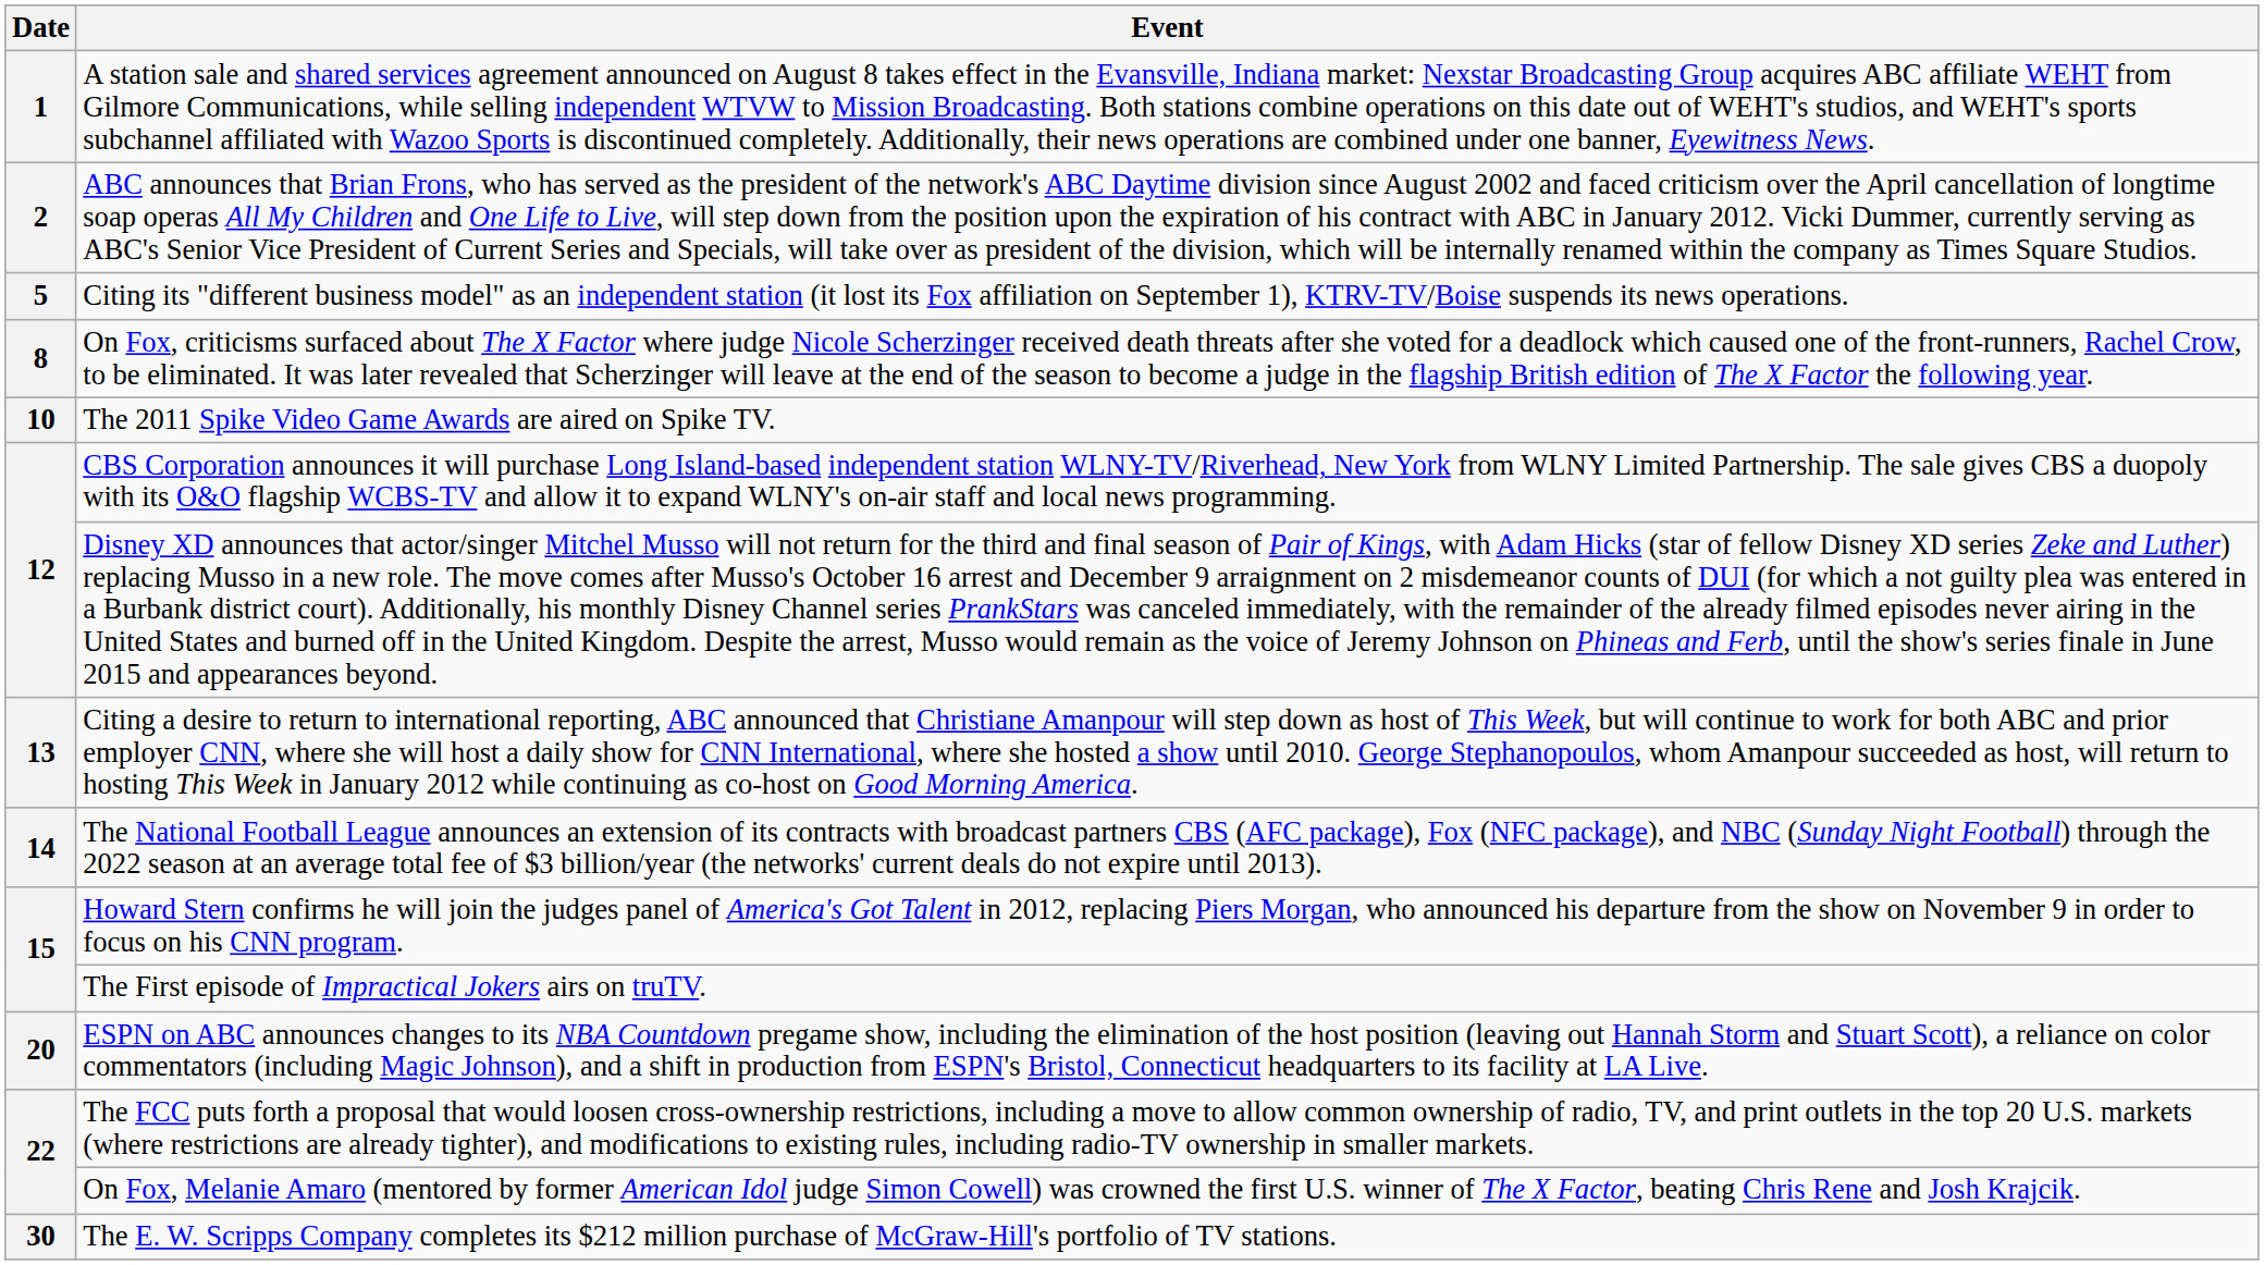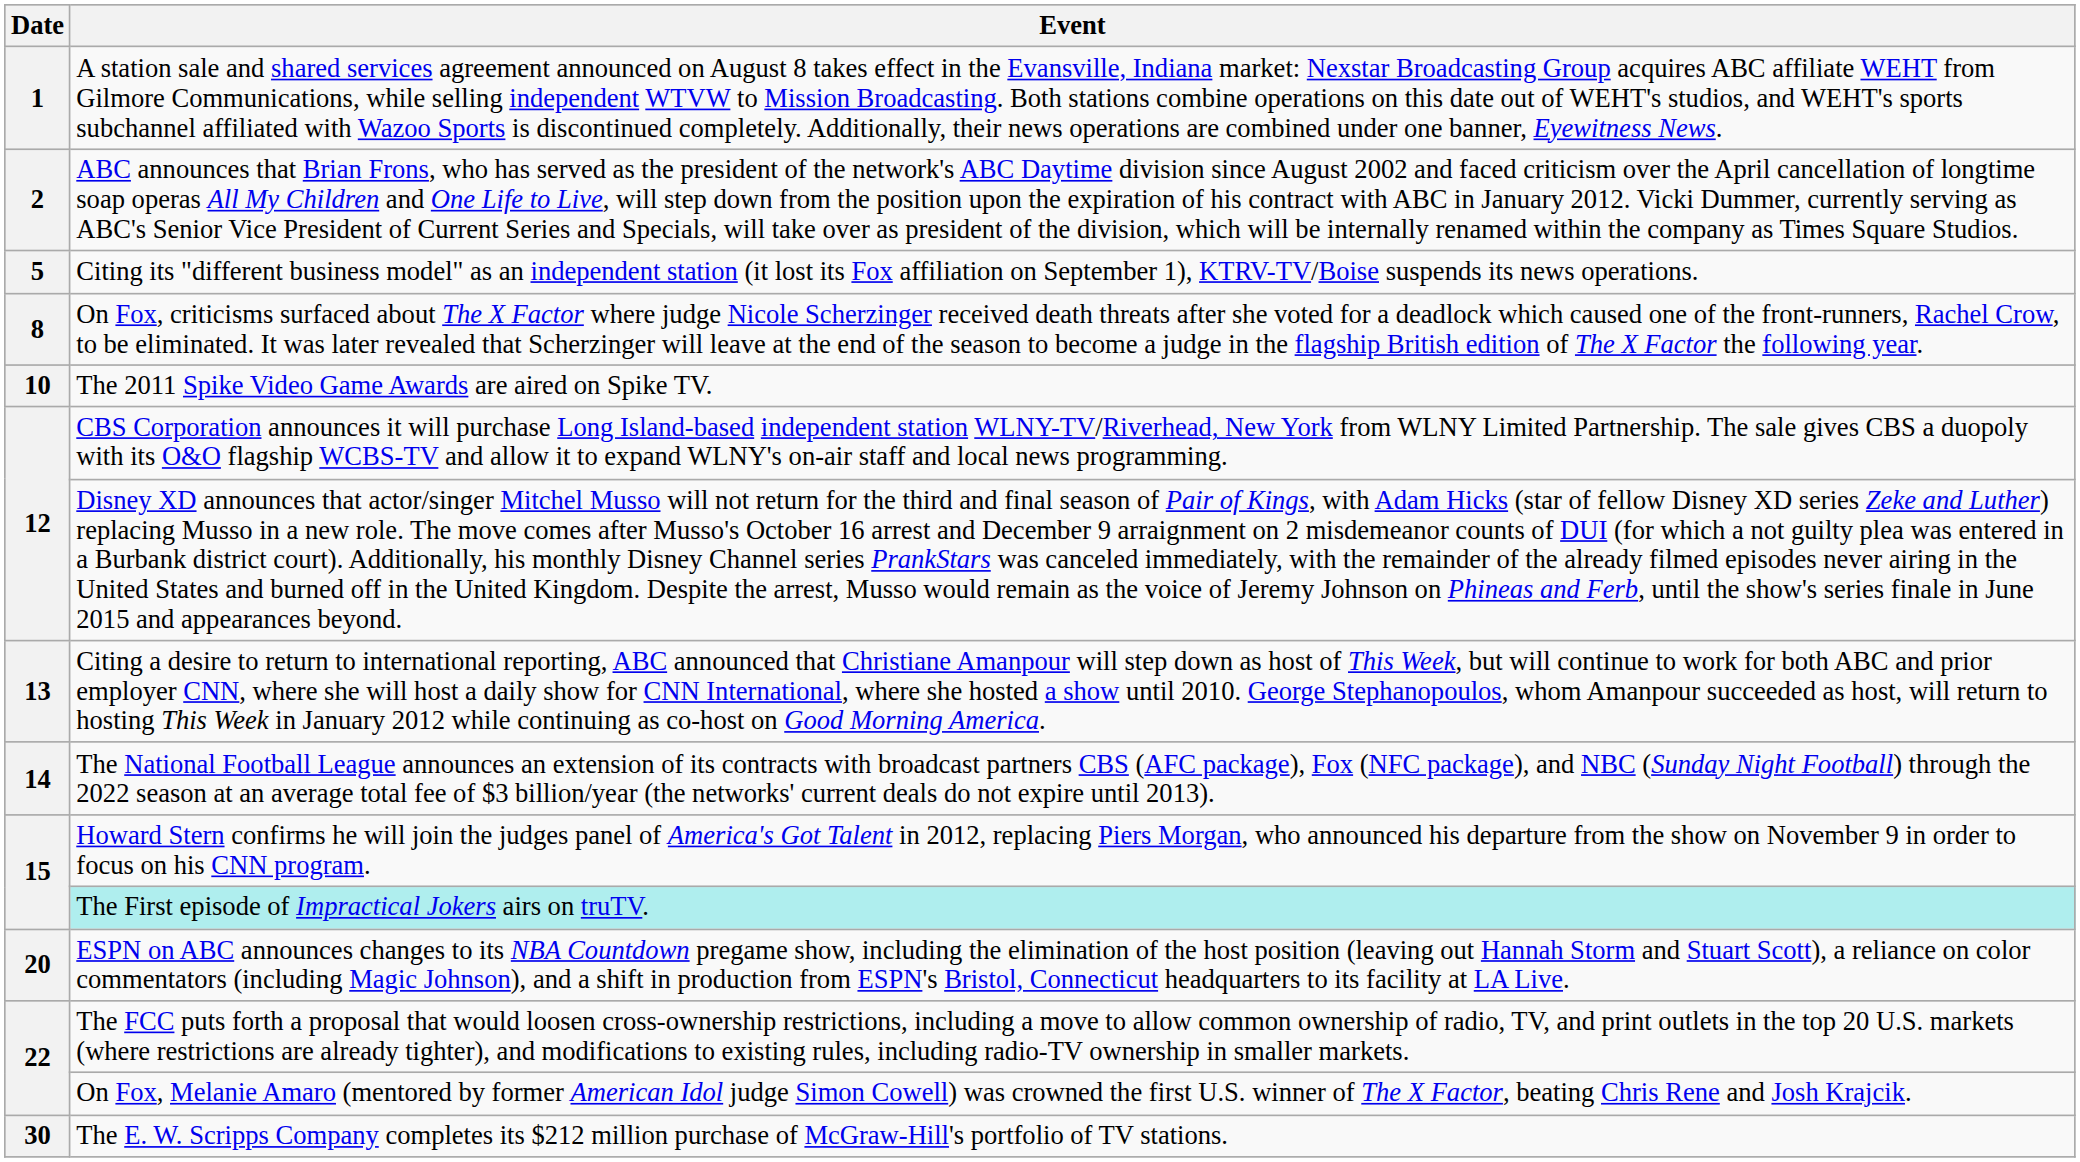 <table class="wikitable">
 <tr>
 <th>Date</th>
 <th>Event</th>
 </tr>
 <tr>
 <th>1</th>
 <td>A station sale and <a href='#'>shared services</a> agreement announced on August 8 takes effect in the <a href='#'>Evansville, Indiana</a> market: <a href='#'>Nexstar Broadcasting Group</a> acquires ABC affiliate <a href='#'>WEHT</a> from Gilmore Communications, while selling <a href='#'>independent</a> <a href='#'>WTVW</a> to <a href='#'>Mission Broadcasting</a>.  Both stations combine operations on this date out of WEHT's studios, and WEHT's sports subchannel affiliated with <a href='#'>Wazoo Sports</a> is discontinued completely. Additionally, their news operations are combined under one banner, <em><a href='#'>Eyewitness News</a></em>.</td>
 </tr>
 <tr>
 <th>2</th>
 <td><a href='#'>ABC</a> announces that <a href='#'>Brian Frons</a>, who has served as the president of the network's <a href='#'>ABC Daytime</a> division since August 2002 and faced criticism over the April cancellation of longtime soap operas <em><a href='#'>All My Children</a></em> and <em><a href='#'>One Life to Live</a></em>, will step down from the position upon the expiration of his contract with ABC in January 2012. Vicki Dummer, currently serving as ABC's Senior Vice President of Current Series and Specials, will take over as president of the division, which will be internally renamed within the company as Times Square Studios.</td>
 </tr>
 <tr>
 <th>5</th>
 <td>Citing its "different business model" as an <a href='#'>independent station</a> (it lost its <a href='#'>Fox</a> affiliation on September 1), <a href='#'>KTRV-TV</a>/<a href='#'>Boise</a> suspends its news operations.</td>
 </tr>
 <tr>
 <th>8</th>
 <td>On <a href='#'>Fox</a>, criticisms surfaced about <em><a href='#'>The X Factor</a></em> where judge <a href='#'>Nicole Scherzinger</a> received death threats after she voted for a deadlock which caused one of the front-runners, <a href='#'>Rachel Crow</a>, to be eliminated. It was later revealed that Scherzinger will leave at the end of the season to become a judge in the <a href='#'>flagship British edition</a> of <em><a href='#'>The X Factor</a></em> the <a href='#'>following year</a>.</td>
 </tr>
 <tr>
 <th>10</th>
 <td>The 2011 <a href='#'>Spike Video Game Awards</a> are aired on Spike TV.</td>
 </tr>
 <tr>
 <th rowspan="2">12</th>
 <td><a href='#'>CBS Corporation</a> announces it will purchase <a href='#'>Long Island-based</a> <a href='#'>independent station</a> <a href='#'>WLNY-TV</a>/<a href='#'>Riverhead, New York</a> from WLNY Limited Partnership. The sale gives CBS a duopoly with its <a href='#'>O&O</a> flagship <a href='#'>WCBS-TV</a> and allow it to expand WLNY's on-air staff and local news programming.</td>
 </tr>
 <tr>
 <td><a href='#'>Disney XD</a> announces that actor/singer <a href='#'>Mitchel Musso</a> will not return for the third and final season of <em><a href='#'>Pair of Kings</a></em>, with <a href='#'>Adam Hicks</a> (star of fellow Disney XD series <em><a href='#'>Zeke and Luther</a></em>) replacing Musso in a new role. The move comes after Musso's October 16 arrest and December 9 arraignment on 2 misdemeanor counts of <a href='#'>DUI</a> (for which a not guilty plea was entered in a Burbank district court). Additionally, his monthly Disney Channel series <em><a href='#'>PrankStars</a></em> was canceled immediately, with the remainder of the already filmed episodes never airing in the United States and burned off in the United Kingdom. Despite the arrest, Musso would remain as the voice of Jeremy Johnson on <em><a href='#'>Phineas and Ferb</a></em>, until the show's series finale in June 2015 and appearances beyond.</td>
 </tr>
 <tr>
 <th>13</th>
 <td>Citing a desire to return to international reporting, <a href='#'>ABC</a> announced that <a href='#'>Christiane Amanpour</a> will step down as host of <em><a href='#'>This Week</a></em>, but will continue to work for both ABC and prior employer <a href='#'>CNN</a>, where she will host a daily show for <a href='#'>CNN International</a>, where she hosted <a href='#'>a show</a> until 2010. <a href='#'>George Stephanopoulos</a>, whom Amanpour succeeded as host, will return to hosting <em>This Week</em> in January 2012 while continuing as co-host on <em><a href='#'>Good Morning America</a></em>.</td>
 </tr>
 <tr>
 <th>14</th>
 <td>The <a href='#'>National Football League</a> announces an extension of its contracts with broadcast partners <a href='#'>CBS</a> (<a href='#'>AFC package</a>), <a href='#'>Fox</a> (<a href='#'>NFC package</a>), and <a href='#'>NBC</a> (<em><a href='#'>Sunday Night Football</a></em>) through the 2022 season at an average total fee of $3 billion/year (the networks' current deals do not expire until 2013).</td>
 </tr>
 <tr>
 <th rowspan="2">15</th>
 <td><a href='#'>Howard Stern</a> confirms he will join the judges panel of <em><a href='#'>America's Got Talent</a></em> in 2012, replacing <a href='#'>Piers Morgan</a>, who announced his departure from the show on November 9 in order to focus on his <a href='#'>CNN program</a>.</td>
 </tr>
 <tr>
-<td>The First episode of <em><a href='#'>Impractical Jokers</a></em> airs on <a href='#'>truTV</a>.</td>
+<td style="background: paleturquoise;">The First episode of <em><a href='#'>Impractical Jokers</a></em> airs on <a href='#'>truTV</a>.</td>
 </tr>
 <tr>
 <th>20</th>
 <td><a href='#'>ESPN on ABC</a> announces changes to its <em><a href='#'>NBA Countdown</a></em> pregame show, including the elimination of the host position (leaving out <a href='#'>Hannah Storm</a> and <a href='#'>Stuart Scott</a>), a reliance on color commentators (including <a href='#'>Magic Johnson</a>), and a shift in production from <a href='#'>ESPN</a>'s <a href='#'>Bristol, Connecticut</a> headquarters to its facility at <a href='#'>LA Live</a>.</td>
 </tr>
 <tr>
 <th rowspan="2">22</th>
 <td>The <a href='#'>FCC</a> puts forth a proposal that would loosen cross-ownership restrictions, including a move to allow common ownership of radio, TV, and print outlets in the top 20 U.S. markets (where restrictions are already tighter), and modifications to existing rules, including radio-TV ownership in smaller markets.</td>
 </tr>
 <tr>
 <td>On <a href='#'>Fox</a>, <a href='#'>Melanie Amaro</a> (mentored by former <em><a href='#'>American Idol</a></em> judge <a href='#'>Simon Cowell</a>) was crowned the first U.S. winner of <em><a href='#'>The X Factor</a></em>, beating <a href='#'>Chris Rene</a> and <a href='#'>Josh Krajcik</a>.</td>
 </tr>
 <tr>
 <th>30</th>
 <td>The <a href='#'>E. W. Scripps Company</a> completes its $212 million purchase of <a href='#'>McGraw-Hill</a>'s portfolio of TV stations.</td>
 </tr>
 </table>
